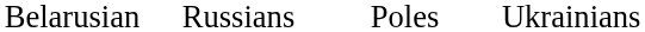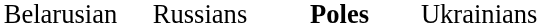 <table class="whitetable" style="text-align:center">
 <tr>
 <td width="23%"></td>
 <td width="2%"></td>
 <td width="23%"></td>
 <td width="2%"></td>
 <td width="23%"></td>
 <td width="2%"></td>
 <td width="23%"></td>
 </tr>
 <tr>
 <td>Belarusian</td>
 <td></td>
 <td>Russians</td>
 <td></td>
-<td>Poles</td>
+<td><strong>Poles</strong></td>
 <td></td>
 <td>Ukrainians</td>
 </tr>
 </table>
